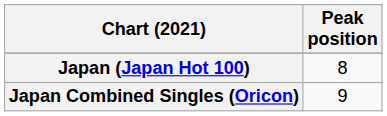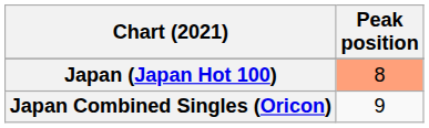 <table class="wikitable sortable plainrowheaders" style="text-align:center">
 <tr>
 <th scope="col">Chart (2021)</th>
 <th scope="col">Peak<br>position</th>
 </tr>
 <tr>
 </tr>
 <tr>
 <th scope="row">Japan (<a href='#'>Japan Hot 100</a>)</th>
-<td>8</td>
+<td style="background: lightsalmon;">8</td>
 </tr>
 <tr>
 <th scope="row">Japan Combined Singles (<a href='#'>Oricon</a>)</th>
 <td>9</td>
 </tr>
 </table>
